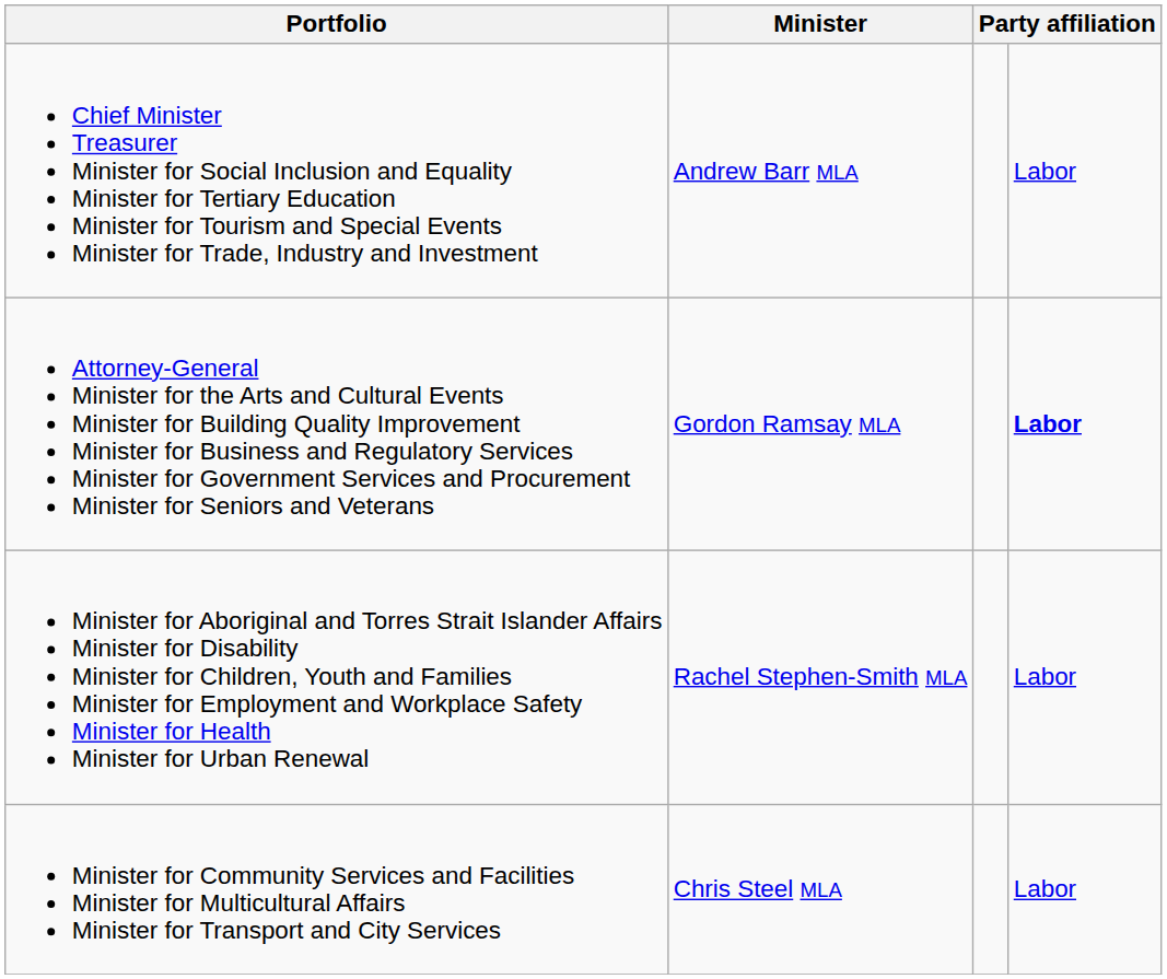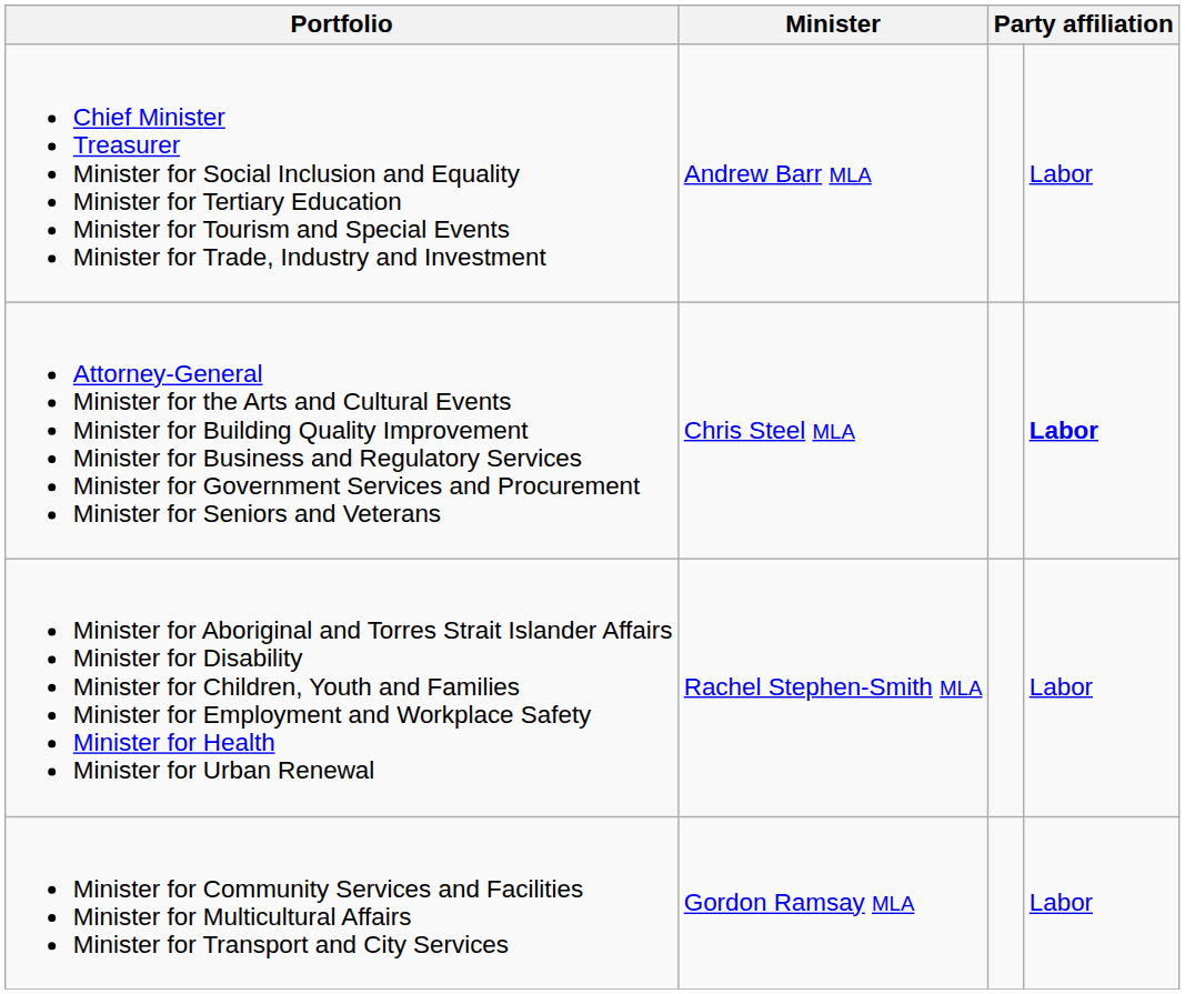 <table class="wikitable">
 <tr>
 <th>Portfolio</th>
 <th>Minister</th>
 <th colspan=2>Party affiliation</th>
 </tr>
 <tr>
 <td><br><ul><li><a href='#'>Chief Minister</a></li><li><a href='#'>Treasurer</a></li><li>Minister for Social Inclusion and Equality</li><li>Minister for Tertiary Education</li><li>Minister for Tourism and Special Events</li><li>Minister for Trade, Industry and Investment</li></ul></td>
 <td><a href='#'>Andrew Barr</a> <small><a href='#'>MLA</a></small></td>
 <td> </td>
 <td><a href='#'>Labor</a></td>
 </tr>
 <tr>
 <td><br><ul><li><a href='#'>Attorney-General</a></li><li>Minister for the Arts and Cultural Events</li><li>Minister for Building Quality Improvement</li><li>Minister for Business and Regulatory Services</li><li>Minister for Government Services and Procurement</li><li>Minister for Seniors and Veterans</li></ul></td>
-<td><a href='#'>Gordon Ramsay</a> <small><a href='#'>MLA</a></small></td>
+<td><a href='#'>Chris Steel</a> <small><a href='#'>MLA</a></small></td>
 <td> </td>
 <td><strong><a href='#'>Labor</a></strong></td>
 </tr>
 <tr>
 <td><br><ul><li>Minister for Aboriginal and Torres Strait Islander Affairs</li><li>Minister for Disability</li><li>Minister for Children, Youth and Families</li><li>Minister for Employment and Workplace Safety</li><li><a href='#'>Minister for Health</a></li><li>Minister for Urban Renewal</li></ul></td>
 <td><a href='#'>Rachel Stephen-Smith</a> <small><a href='#'>MLA</a></small></td>
 <td> </td>
 <td><a href='#'>Labor</a></td>
 </tr>
 <tr>
 <td><br><ul><li>Minister for Community Services and Facilities</li><li>Minister for Multicultural Affairs</li><li>Minister for Transport and City Services</li></ul></td>
-<td><a href='#'>Chris Steel</a> <small><a href='#'>MLA</a></small></td>
+<td><a href='#'>Gordon Ramsay</a> <small><a href='#'>MLA</a></small></td>
 <td> </td>
 <td><a href='#'>Labor</a></td>
 </tr>
 </table>
